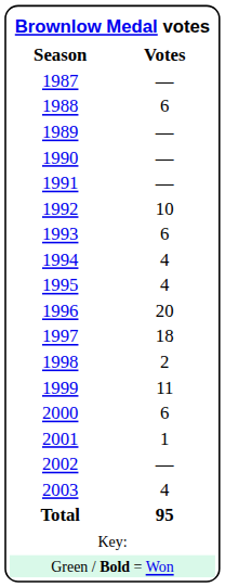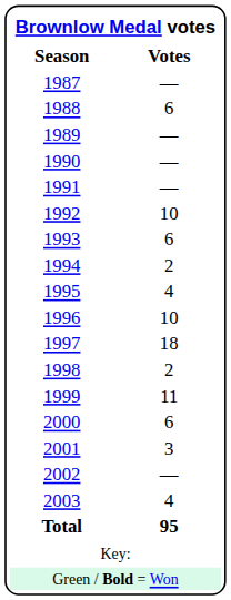 <table style="margin-right:4px; margin-top:8px; float:right; border:1px #000 solid; border-radius:8px; background:#fff; font-family:Verdana; font-size:8pt; text-align:center;">
 <tr style="background:#fff;">
 <td colspan="2;" style="padding:3px; margin-bottom:-3px; margin-top:2px; font-family:Arial; "><strong><a href='#'>Brownlow Medal</a> votes</strong></td>
 </tr>
 <tr>
 <th style="width:50%;">Season</th>
 <th style="width:50%;">Votes</th>
 </tr>
 <tr>
 <td><a href='#'>1987</a></td>
 <td>—</td>
 </tr>
 <tr>
 <td><a href='#'>1988</a></td>
 <td>6</td>
 </tr>
 <tr>
 <td><a href='#'>1989</a></td>
 <td>—</td>
 </tr>
 <tr>
 <td><a href='#'>1990</a></td>
 <td>—</td>
 </tr>
 <tr>
 <td><a href='#'>1991</a></td>
 <td>—</td>
 </tr>
 <tr>
 <td><a href='#'>1992</a></td>
 <td>10</td>
 </tr>
 <tr>
 <td><a href='#'>1993</a></td>
 <td>6</td>
 </tr>
 <tr>
 <td><a href='#'>1994</a></td>
-<td>4</td>
+<td>2</td>
 </tr>
 <tr>
 <td><a href='#'>1995</a></td>
 <td>4</td>
 </tr>
 <tr>
 <td><a href='#'>1996</a></td>
-<td>20</td>
+<td>10</td>
 </tr>
 <tr>
 <td><a href='#'>1997</a></td>
 <td>18</td>
 </tr>
 <tr>
 <td><a href='#'>1998</a></td>
 <td>2</td>
 </tr>
 <tr>
 <td><a href='#'>1999</a></td>
 <td>11</td>
 </tr>
 <tr>
 <td><a href='#'>2000</a></td>
 <td>6</td>
 </tr>
 <tr>
 <td><a href='#'>2001</a></td>
-<td>1</td>
+<td>3</td>
 </tr>
 <tr>
 <td><a href='#'>2002</a></td>
 <td>—</td>
 </tr>
 <tr>
 <td><a href='#'>2003</a></td>
 <td>4</td>
 </tr>
 <tr>
 <td><strong>Total</strong></td>
 <td><strong>95</strong></td>
 </tr>
 <tr>
 <td colspan=2><small>Key:</small></td>
 </tr>
 <tr style="background:#d9f9e9; border:1px solid #aaa; width:2em;">
 <td colspan=2><small>Green / <strong>Bold</strong> = <a href='#'>Won</a></small></td>
 </tr>
 </table>
